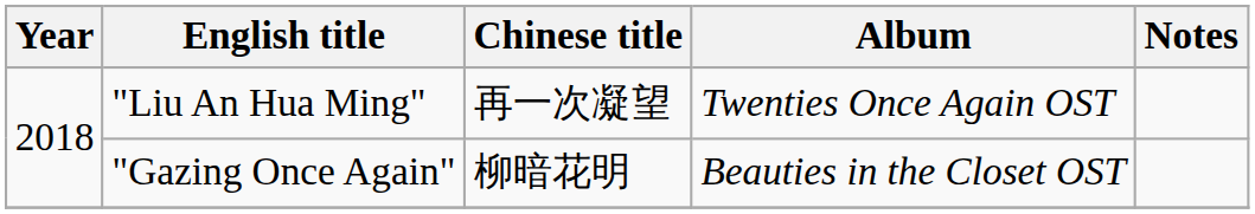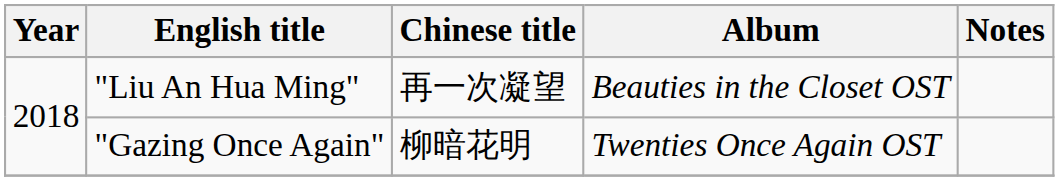 <table class="wikitable">
 <tr>
 <th width=10>Year</th>
 <th>English title</th>
 <th>Chinese title</th>
 <th>Album</th>
 <th>Notes</th>
 </tr>
 <tr>
 <td rowspan=2>2018</td>
 <td>"Liu An Hua Ming"</td>
 <td>再一次凝望</td>
-<td><em>Twenties Once Again OST</em></td>
+<td><em>Beauties in the Closet OST</em></td>
 <td></td>
 </tr>
 <tr>
 <td>"Gazing Once Again"</td>
 <td>柳暗花明</td>
-<td><em>Beauties in the Closet OST</em></td>
+<td><em>Twenties Once Again OST</em></td>
 <td></td>
 </tr>
 <tr>
 </tr>
 </table>
